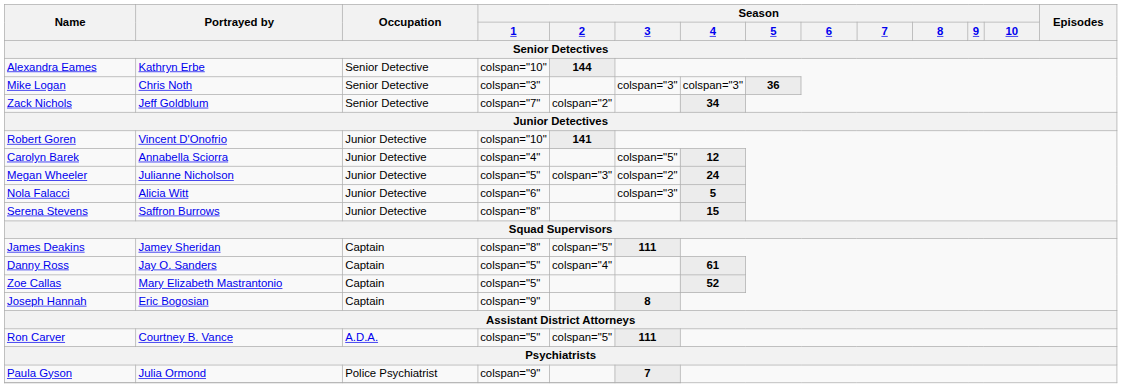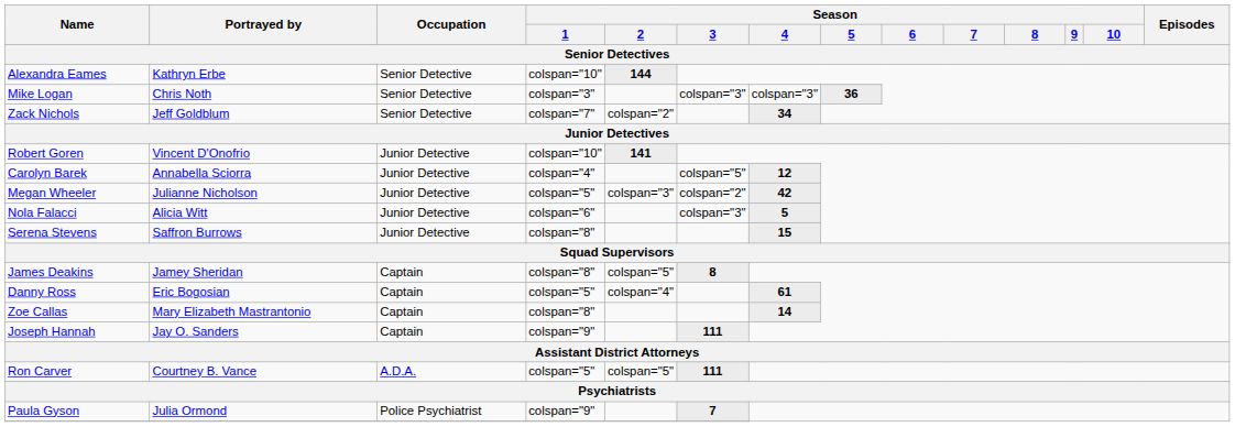 <table class="wikitable">
 <tr>
 <th rowspan="2">Name</th>
 <th rowspan="2">Portrayed by</th>
 <th rowspan="2">Occupation</th>
 <th colspan="10">Season</th>
 <th rowspan="2">Episodes</th>
 </tr>
 <tr>
 <th width="5%"><a href='#'>1</a></th>
 <th width="5%"><a href='#'>2</a></th>
 <th width="5%"><a href='#'>3</a></th>
 <th width="5%"><a href='#'>4</a></th>
 <th width="5%"><a href='#'>5</a></th>
 <th width="5%"><a href='#'>6</a></th>
 <th width="5%"><a href='#'>7</a></th>
 <th width="5%"><a href='#'>8</a></th>
 <th><a href='#'>9</a></th>
 <th width="5%"><a href='#'>10</a></th>
 </tr>
 <tr>
 <th colspan="14"><strong>Senior Detectives</strong></th>
 </tr>
 <tr>
 <td style=white-space:nowrap><a href='#'>Alexandra Eames</a></td>
 <td><a href='#'>Kathryn Erbe</a></td>
 <td>Senior Detective</td>
 <td>colspan="10" </td>
 <td style="background: #ececec; text-align: center; "><strong>144</strong></td>
 </tr>
 <tr>
 <td><a href='#'>Mike Logan</a></td>
 <td><a href='#'>Chris Noth</a></td>
 <td>Senior Detective</td>
 <td>colspan="3" </td>
 <td></td>
 <td>colspan="3" </td>
 <td>colspan="3" </td>
 <td style="background: #ececec; text-align: center; "><strong>36</strong></td>
 </tr>
 <tr>
 <td><a href='#'>Zack Nichols</a></td>
 <td><a href='#'>Jeff Goldblum</a></td>
 <td>Senior Detective</td>
 <td>colspan="7" </td>
 <td>colspan="2" </td>
 <td></td>
 <td style="background: #ececec; text-align: center; "><strong>34</strong></td>
 </tr>
 <tr>
 <th colspan="14"><strong>Junior Detectives</strong></th>
 </tr>
 <tr>
 <td><a href='#'>Robert Goren</a></td>
 <td><a href='#'>Vincent D'Onofrio</a></td>
 <td>Junior Detective</td>
 <td>colspan="10" </td>
 <td style="background: #ececec; text-align: center; "><strong>141</strong></td>
 </tr>
 <tr>
 <td><a href='#'>Carolyn Barek</a></td>
 <td><a href='#'>Annabella Sciorra</a></td>
 <td>Junior Detective</td>
 <td>colspan="4" </td>
 <td></td>
 <td>colspan="5" </td>
 <td style="background: #ececec; text-align: center; "><strong>12</strong></td>
 </tr>
 <tr>
 <td><a href='#'>Megan Wheeler</a></td>
 <td><a href='#'>Julianne Nicholson</a></td>
 <td>Junior Detective</td>
 <td>colspan="5" </td>
 <td>colspan="3" </td>
 <td>colspan="2" </td>
-<td style="background: #ececec; text-align: center; "><strong>24</strong></td>
+<td style="background: #ececec; text-align: center; "><strong>42</strong></td>
 </tr>
 <tr>
 <td><a href='#'>Nola Falacci</a></td>
 <td><a href='#'>Alicia Witt</a></td>
 <td>Junior Detective</td>
 <td>colspan="6" </td>
 <td></td>
 <td>colspan="3" </td>
 <td style="background: #ececec; text-align: center; "><strong>5</strong></td>
 </tr>
 <tr>
 <td><a href='#'>Serena Stevens</a></td>
 <td><a href='#'>Saffron Burrows</a></td>
 <td>Junior Detective</td>
 <td>colspan="8" </td>
 <td></td>
 <td></td>
 <td style="background: #ececec; text-align: center; "><strong>15</strong></td>
 </tr>
 <tr>
 <th colspan="14"><strong>Squad Supervisors</strong></th>
 </tr>
 <tr>
 <td><a href='#'>James Deakins</a></td>
 <td><a href='#'>Jamey Sheridan</a></td>
 <td>Captain</td>
 <td>colspan="8" </td>
 <td>colspan="5" </td>
-<td style="background: #ececec; text-align: center; "><strong>111</strong></td>
+<td style="background: #ececec; text-align: center;"><strong>8</strong></td>
 </tr>
 <tr>
 <td><a href='#'>Danny Ross</a></td>
-<td><a href='#'>Jay O. Sanders</a></td>
+<td><a href='#'>Eric Bogosian</a></td>
 <td>Captain</td>
 <td>colspan="5" </td>
 <td>colspan="4" </td>
 <td></td>
 <td style="background: #ececec; text-align: center; "><strong>61</strong></td>
 </tr>
 <tr>
 <td><a href='#'>Zoe Callas</a></td>
 <td><a href='#'>Mary Elizabeth Mastrantonio</a></td>
 <td>Captain</td>
-<td>colspan="5" </td>
+<td>colspan="8" </td>
 <td></td>
 <td></td>
-<td style="background: #ececec; text-align: center;"><strong>52</strong></td>
+<td style="background: #ececec; text-align: center;"><strong>14</strong></td>
 </tr>
 <tr>
 <td><a href='#'>Joseph Hannah</a></td>
-<td><a href='#'>Eric Bogosian</a></td>
+<td><a href='#'>Jay O. Sanders</a></td>
 <td>Captain</td>
 <td>colspan="9" </td>
 <td></td>
-<td style="background: #ececec; text-align: center;"><strong>8</strong></td>
+<td style="background: #ececec; text-align: center; "><strong>111</strong></td>
 </tr>
 <tr>
 <th colspan="14"><strong>Assistant District Attorneys</strong></th>
 </tr>
 <tr>
 <td><a href='#'>Ron Carver</a></td>
 <td><a href='#'>Courtney B. Vance</a></td>
 <td style=white-space:nowrap><a href='#'>A.D.A.</a></td>
 <td>colspan="5" </td>
 <td>colspan="5" </td>
 <td style="background: #ececec; text-align: center;"><strong>111</strong></td>
 </tr>
 <tr>
 <th colspan="14"><strong>Psychiatrists</strong></th>
 </tr>
 <tr>
 <td><a href='#'>Paula Gyson</a></td>
 <td><a href='#'>Julia Ormond</a></td>
 <td>Police Psychiatrist</td>
 <td>colspan="9" </td>
 <td></td>
 <td style="background: #ececec; color: black; vertical-align: middle; text-align: center; "><strong>7</strong></td>
 </tr>
 <tr>
 </tr>
 </table>
